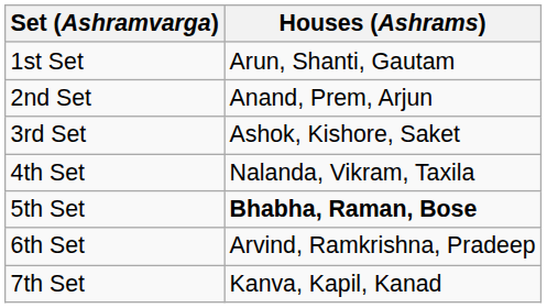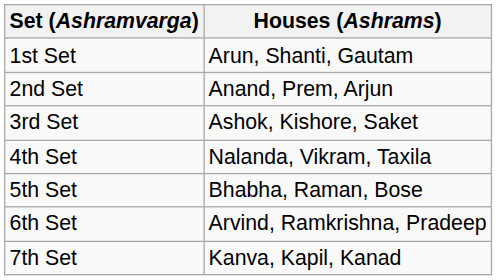 <table class="wikitable">
 <tr>
 <th>Set (<em>Ashramvarga</em>)</th>
 <th>Houses (<em>Ashrams</em>)</th>
 </tr>
 <tr>
 <td>1st Set</td>
 <td>Arun, Shanti, Gautam</td>
 </tr>
 <tr>
 <td>2nd Set</td>
 <td>Anand, Prem, Arjun</td>
 </tr>
 <tr>
 <td>3rd Set</td>
 <td>Ashok, Kishore, Saket</td>
 </tr>
 <tr>
 <td>4th Set</td>
 <td>Nalanda, Vikram, Taxila</td>
 </tr>
 <tr>
 <td>5th Set</td>
-<td><strong>Bhabha, Raman, Bose</strong></td>
+<td>Bhabha, Raman, Bose</td>
 </tr>
 <tr>
 <td>6th Set</td>
 <td>Arvind, Ramkrishna, Pradeep</td>
 </tr>
 <tr>
 <td>7th Set</td>
 <td>Kanva, Kapil, Kanad</td>
 </tr>
 </table>
